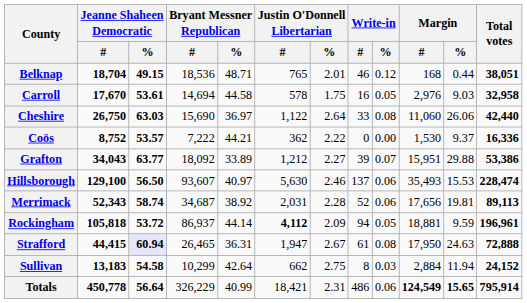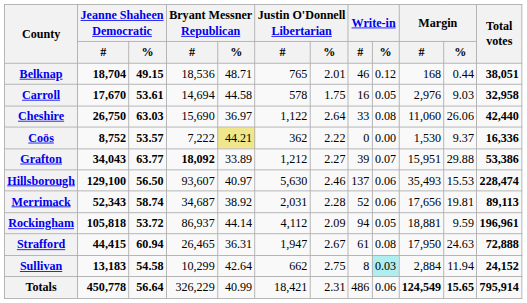 <table class="wikitable sortable" style="text-align:right;font-size:90%;line-height:1.3">
 <tr>
 <th rowspan="2">County</th>
 <th colspan="2"><a href='#'>Jeanne Shaheen</a><br><a href='#'>Democratic</a></th>
 <th colspan="2">Bryant Messner<br><a href='#'>Republican</a></th>
 <th colspan="2">Justin O'Donnell<br><a href='#'>Libertarian</a></th>
 <th colspan="2"><a href='#'>Write-in</a></th>
 <th colspan="2">Margin</th>
 <th rowspan="2">Total<br>votes</th>
 </tr>
 <tr>
 <th data-sort-type="number">#</th>
 <th data-sort-type="number">%</th>
 <th data-sort-type="number">#</th>
 <th data-sort-type="number">%</th>
 <th data-sort-type="number">#</th>
 <th data-sort-type="number">%</th>
 <th data-sort-type="number">#</th>
 <th data-sort-type="number">%</th>
 <th data-sort-type="number">#</th>
 <th data-sort-type="number">%</th>
 </tr>
 <tr>
 <th><a href='#'>Belknap</a></th>
 <td><strong>18,704</strong></td>
 <td><strong>49.15</strong></td>
 <td>18,536</td>
 <td>48.71</td>
 <td>765</td>
 <td>2.01</td>
 <td>46</td>
 <td>0.12</td>
 <td>168</td>
 <td>0.44</td>
 <td><strong>38,051</strong></td>
 </tr>
 <tr>
 <th><a href='#'>Carroll</a></th>
 <td><strong>17,670</strong></td>
 <td><strong>53.61</strong></td>
 <td>14,694</td>
 <td>44.58</td>
 <td>578</td>
 <td>1.75</td>
 <td>16</td>
 <td>0.05</td>
 <td>2,976</td>
 <td>9.03</td>
 <td><strong>32,958</strong></td>
 </tr>
 <tr>
 <th><a href='#'>Cheshire</a></th>
 <td><strong>26,750</strong></td>
 <td><strong>63.03</strong></td>
 <td>15,690</td>
 <td>36.97</td>
 <td>1,122</td>
 <td>2.64</td>
 <td>33</td>
 <td>0.08</td>
 <td>11,060</td>
 <td>26.06</td>
 <td><strong>42,440</strong></td>
 </tr>
 <tr>
 <th><a href='#'>Coös</a></th>
 <td><strong>8,752</strong></td>
 <td><strong>53.57</strong></td>
 <td>7,222</td>
-<td>44.21</td>
+<td style="background: khaki;">44.21</td>
 <td>362</td>
 <td>2.22</td>
 <td>0</td>
 <td>0.00</td>
 <td>1,530</td>
 <td>9.37</td>
 <td><strong>16,336</strong></td>
 </tr>
 <tr>
 <th><a href='#'>Grafton</a></th>
 <td><strong>34,043</strong></td>
 <td><strong>63.77</strong></td>
-<td>18,092</td>
+<td><strong>18,092</strong></td>
 <td>33.89</td>
 <td>1,212</td>
 <td>2.27</td>
 <td>39</td>
 <td>0.07</td>
 <td>15,951</td>
 <td>29.88</td>
 <td><strong>53,386</strong></td>
 </tr>
 <tr>
 <th><a href='#'>Hillsborough</a></th>
 <td><strong>129,100</strong></td>
 <td><strong>56.50</strong></td>
 <td>93,607</td>
 <td>40.97</td>
 <td>5,630</td>
 <td>2.46</td>
 <td>137</td>
 <td>0.06</td>
 <td>35,493</td>
 <td>15.53</td>
 <td><strong>228,474</strong></td>
 </tr>
 <tr>
 <th><a href='#'>Merrimack</a></th>
 <td><strong>52,343</strong></td>
 <td><strong>58.74</strong></td>
 <td>34,687</td>
 <td>38.92</td>
 <td>2,031</td>
 <td>2.28</td>
 <td>52</td>
 <td>0.06</td>
 <td>17,656</td>
 <td>19.81</td>
 <td><strong>89,113</strong></td>
 </tr>
 <tr>
 <th><a href='#'>Rockingham</a></th>
 <td><strong>105,818</strong></td>
 <td><strong>53.72</strong></td>
 <td>86,937</td>
 <td>44.14</td>
-<td><strong>4,112</strong></td>
+<td>4,112</td>
 <td>2.09</td>
 <td>94</td>
 <td>0.05</td>
 <td>18,881</td>
 <td>9.59</td>
 <td><strong>196,961</strong></td>
 </tr>
 <tr>
 <th><a href='#'>Strafford</a></th>
 <td><strong>44,415</strong></td>
-<td style="background: lavender;"><strong>60.94</strong></td>
+<td><strong>60.94</strong></td>
 <td>26,465</td>
 <td>36.31</td>
 <td>1,947</td>
 <td>2.67</td>
 <td>61</td>
 <td>0.08</td>
 <td>17,950</td>
 <td>24.63</td>
 <td><strong>72,888</strong></td>
 </tr>
 <tr>
 <th><a href='#'>Sullivan</a></th>
 <td><strong>13,183</strong></td>
 <td><strong>54.58</strong></td>
 <td>10,299</td>
 <td>42.64</td>
 <td>662</td>
 <td>2.75</td>
 <td>8</td>
-<td>0.03</td>
+<td style="background: paleturquoise;">0.03</td>
 <td>2,884</td>
 <td>11.94</td>
 <td><strong>24,152</strong></td>
 </tr>
 <tr class="sortbottom">
 <th>Totals</th>
 <td><strong>450,778</strong></td>
 <td><strong>56.64</strong></td>
 <td>326,229</td>
 <td>40.99</td>
 <td>18,421</td>
 <td>2.31</td>
 <td>486</td>
 <td>0.06</td>
 <td><strong>124,549</strong></td>
 <td><strong>15.65</strong></td>
 <td><strong>795,914</strong></td>
 </tr>
 </table>
